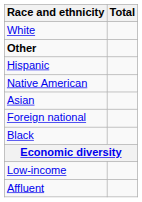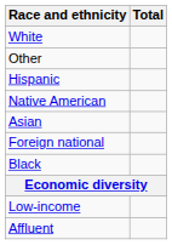 <table class="wikitable floatright sortable collapsible"; text-align:right; font-size:80%;">
 <tr>
 <th>Race and ethnicity</th>
 <th colspan="2" data-sort-type=number>Total</th>
 </tr>
 <tr>
 <td><a href='#'>White</a></td>
 <td align=right></td>
 </tr>
 <tr>
-<td><strong>Other</strong></td>
+<td>Other</td>
 <td align=right></td>
 </tr>
 <tr>
 <td><a href='#'>Hispanic</a></td>
 <td align=right></td>
 </tr>
 <tr>
 <td><a href='#'>Native American</a></td>
 <td align=right></td>
 </tr>
 <tr>
 <td><a href='#'>Asian</a></td>
 <td align=right></td>
 </tr>
 <tr>
 <td><a href='#'>Foreign national</a></td>
 <td align=right></td>
 </tr>
 <tr>
 <td><a href='#'>Black</a></td>
 <td align=right></td>
 </tr>
 <tr>
 <th colspan="4" data-sort-type=number><a href='#'>Economic diversity</a></th>
 </tr>
 <tr>
 <td><a href='#'>Low-income</a></td>
 <td align=right></td>
 </tr>
 <tr>
 <td><a href='#'>Affluent</a></td>
 <td align=right></td>
 </tr>
 </table>
